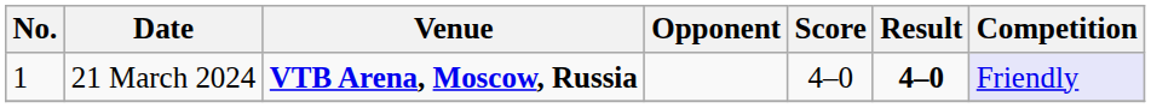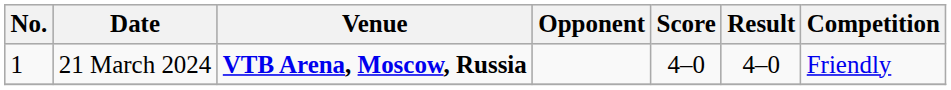 <table class="wikitable">
 <tr>
 <th>No.</th>
 <th>Date</th>
 <th>Venue</th>
 <th>Opponent</th>
 <th>Score</th>
 <th>Result</th>
 <th>Competition</th>
 </tr>
 <tr>
 <td>1</td>
 <td>21 March 2024</td>
 <td><strong><a href='#'>VTB Arena</a>, <a href='#'>Moscow</a>, Russia</strong></td>
 <td></td>
 <td align=center>4–0</td>
-<td align=center><strong>4–0</strong></td>
-<td style="background: lavender;"><a href='#'>Friendly</a></td>
+<td align=center>4–0</td>
+<td><a href='#'>Friendly</a></td>
 </tr>
 <tr>
 </tr>
 </table>
